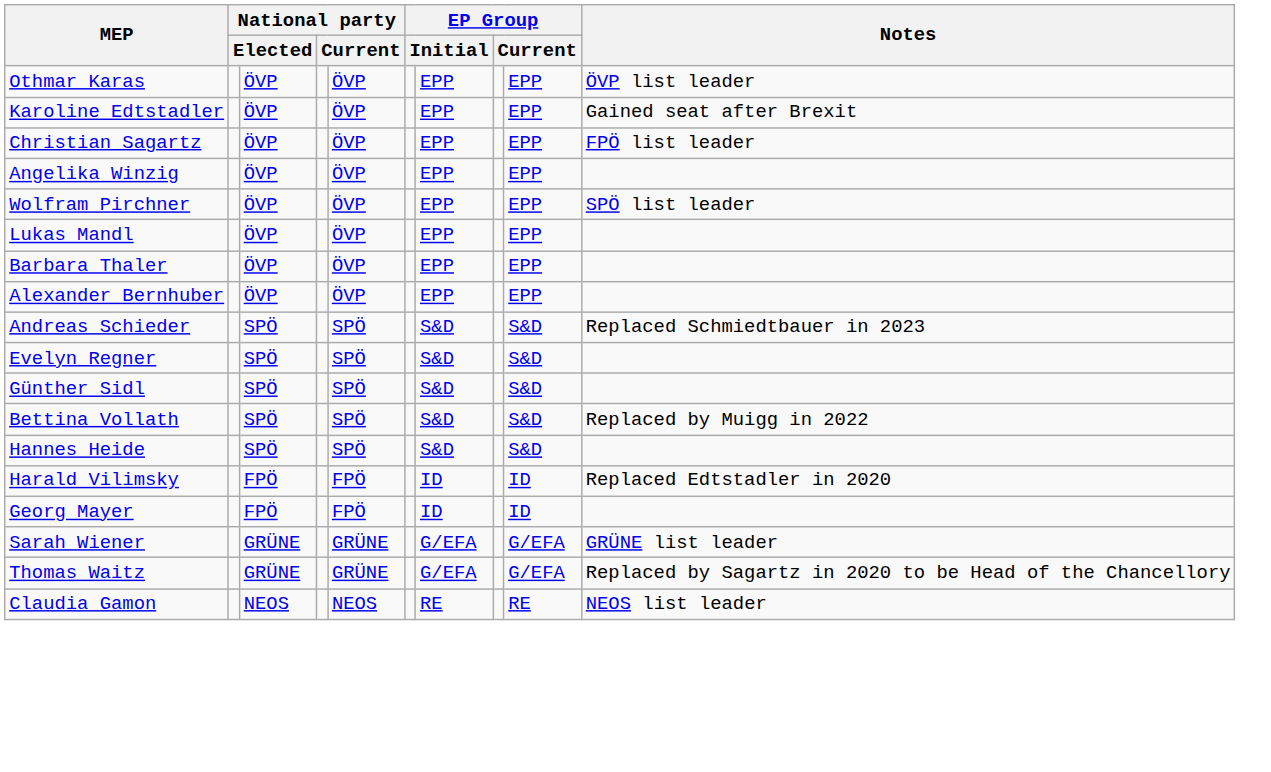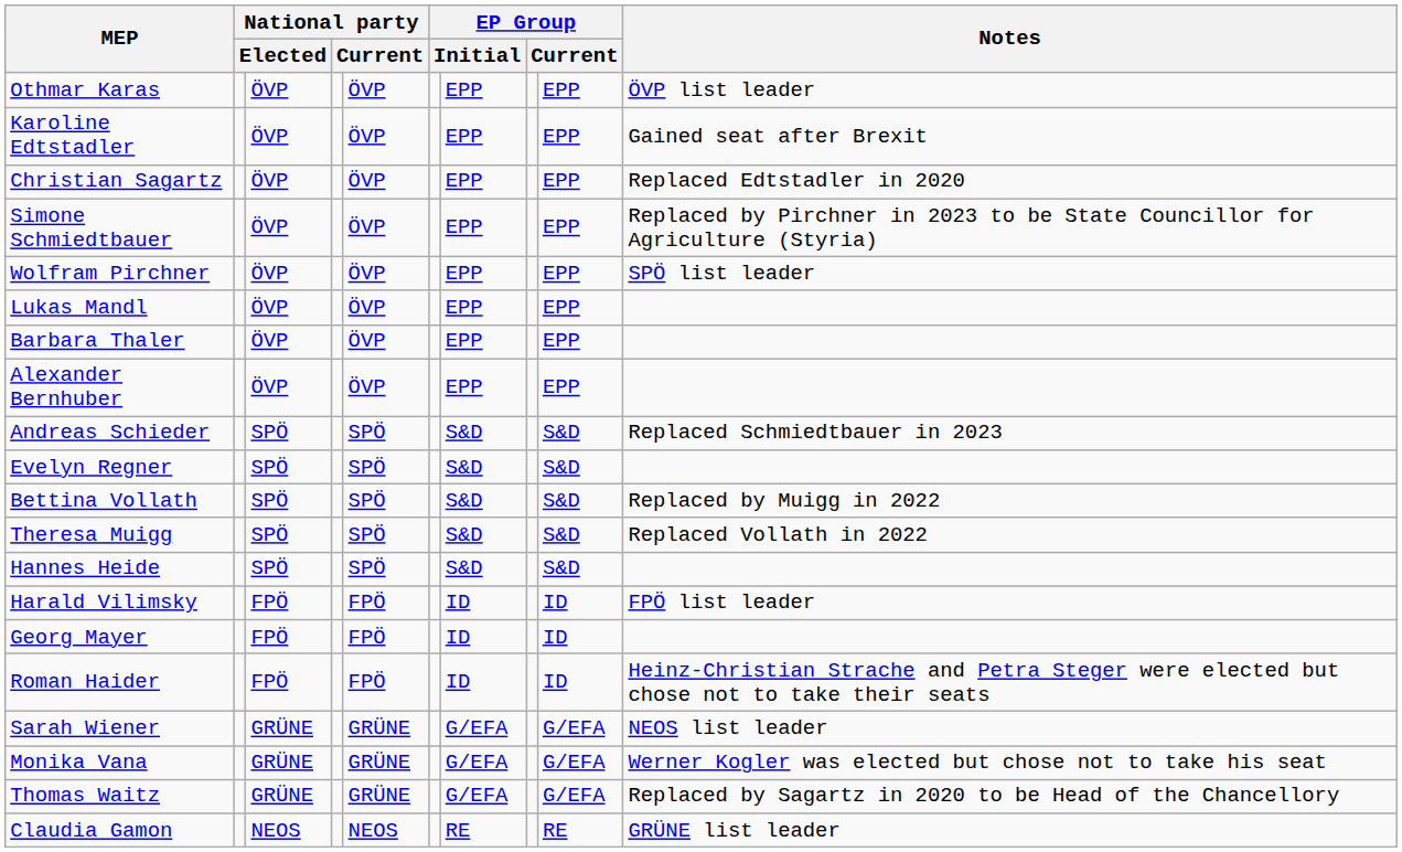 <table class="wikitable sortable" style="text-align:left">
 <tr>
 <th rowspan="2">MEP</th>
 <th colspan="4">National party</th>
 <th colspan="4"><a href='#'>EP Group</a></th>
 <th rowspan="2">Notes</th>
 </tr>
 <tr>
 <th colspan="2">Elected</th>
 <th colspan="2">Current</th>
 <th colspan="2">Initial</th>
 <th colspan="2">Current</th>
 </tr>
 <tr>
 <td><a href='#'>Othmar Karas</a></td>
 <td style="background: "></td>
 <td><a href='#'>ÖVP</a></td>
 <td style="background: "></td>
 <td><a href='#'>ÖVP</a></td>
 <td style="background: "></td>
 <td><a href='#'>EPP</a></td>
 <td style="background: "></td>
 <td><a href='#'>EPP</a></td>
 <td><a href='#'>ÖVP</a> list leader</td>
 </tr>
 <tr>
 <td><a href='#'>Karoline Edtstadler</a></td>
 <td style="background: "></td>
 <td><a href='#'>ÖVP</a></td>
 <td style="background: "></td>
 <td><a href='#'>ÖVP</a></td>
 <td style="background: "></td>
 <td><a href='#'>EPP</a></td>
 <td style="background: "></td>
 <td><a href='#'>EPP</a></td>
 <td>Gained seat after Brexit</td>
 </tr>
 <tr>
 <td><a href='#'>Christian Sagartz</a></td>
 <td style="background: "></td>
 <td><a href='#'>ÖVP</a></td>
 <td style="background: "></td>
 <td><a href='#'>ÖVP</a></td>
 <td style="background: "></td>
 <td><a href='#'>EPP</a></td>
 <td style="background: "></td>
 <td><a href='#'>EPP</a></td>
-<td><a href='#'>FPÖ</a> list leader</td>
+<td>Replaced Edtstadler in 2020</td>
 </tr>
 <tr>
-<td><a href='#'>Angelika Winzig</a></td>
+<td><a href='#'>Simone Schmiedtbauer</a></td>
 <td style="background: "></td>
 <td><a href='#'>ÖVP</a></td>
 <td style="background: "></td>
 <td><a href='#'>ÖVP</a></td>
 <td style="background: "></td>
 <td><a href='#'>EPP</a></td>
 <td style="background: "></td>
 <td><a href='#'>EPP</a></td>
-<td></td>
+<td>Replaced by Pirchner in 2023 to be State Councillor for Agriculture (Styria)</td>
 </tr>
 <tr>
 <td><a href='#'>Wolfram Pirchner</a></td>
 <td style="background: "></td>
 <td><a href='#'>ÖVP</a></td>
 <td style="background: "></td>
 <td><a href='#'>ÖVP</a></td>
 <td style="background: "></td>
 <td><a href='#'>EPP</a></td>
 <td style="background: "></td>
 <td><a href='#'>EPP</a></td>
 <td><a href='#'>SPÖ</a> list leader</td>
 </tr>
 <tr>
 <td><a href='#'>Lukas Mandl</a></td>
 <td style="background: "></td>
 <td><a href='#'>ÖVP</a></td>
 <td style="background: "></td>
 <td><a href='#'>ÖVP</a></td>
 <td style="background: "></td>
 <td><a href='#'>EPP</a></td>
 <td style="background: "></td>
 <td><a href='#'>EPP</a></td>
 <td></td>
 </tr>
 <tr>
 <td><a href='#'>Barbara Thaler</a></td>
 <td style="background: "></td>
 <td><a href='#'>ÖVP</a></td>
 <td style="background: "></td>
 <td><a href='#'>ÖVP</a></td>
 <td style="background: "></td>
 <td><a href='#'>EPP</a></td>
 <td style="background: "></td>
 <td><a href='#'>EPP</a></td>
 <td></td>
 </tr>
 <tr>
 <td><a href='#'>Alexander Bernhuber</a></td>
 <td style="background: "></td>
 <td><a href='#'>ÖVP</a></td>
 <td style="background: "></td>
 <td><a href='#'>ÖVP</a></td>
 <td style="background: "></td>
 <td><a href='#'>EPP</a></td>
 <td style="background: "></td>
 <td><a href='#'>EPP</a></td>
 <td></td>
 </tr>
 <tr>
 <td><a href='#'>Andreas Schieder</a></td>
 <td style="background: "></td>
 <td><a href='#'>SPÖ</a></td>
 <td style="background: "></td>
 <td><a href='#'>SPÖ</a></td>
 <td style="background: "></td>
 <td><a href='#'>S&D</a></td>
 <td style="background: "></td>
 <td><a href='#'>S&D</a></td>
 <td>Replaced Schmiedtbauer in 2023</td>
 </tr>
 <tr>
 <td><a href='#'>Evelyn Regner</a></td>
 <td style="background: "></td>
 <td><a href='#'>SPÖ</a></td>
 <td style="background: "></td>
 <td><a href='#'>SPÖ</a></td>
 <td style="background: "></td>
 <td><a href='#'>S&D</a></td>
 <td style="background: "></td>
 <td><a href='#'>S&D</a></td>
 <td></td>
 </tr>
 <tr>
-<td><a href='#'>Günther Sidl</a></td>
-<td style="background: "></td>
-<td><a href='#'>SPÖ</a></td>
-<td style="background: "></td>
-<td><a href='#'>SPÖ</a></td>
-<td style="background: "></td>
-<td><a href='#'>S&D</a></td>
-<td style="background: "></td>
-<td><a href='#'>S&D</a></td>
-<td></td>
-</tr>
-<tr>
 <td><a href='#'>Bettina Vollath</a></td>
 <td style="background: "></td>
 <td><a href='#'>SPÖ</a></td>
 <td style="background: "></td>
 <td><a href='#'>SPÖ</a></td>
 <td style="background: "></td>
 <td><a href='#'>S&D</a></td>
 <td style="background: "></td>
 <td><a href='#'>S&D</a></td>
 <td>Replaced by Muigg in 2022</td>
+</tr>
+<tr>
+<td><a href='#'>Theresa Muigg</a></td>
+<td style="background: "></td>
+<td><a href='#'>SPÖ</a></td>
+<td style="background: "></td>
+<td><a href='#'>SPÖ</a></td>
+<td style="background: "></td>
+<td><a href='#'>S&D</a></td>
+<td style="background: "></td>
+<td><a href='#'>S&D</a></td>
+<td>Replaced Vollath in 2022</td>
 </tr>
 <tr>
 <td><a href='#'>Hannes Heide</a></td>
 <td style="background: "></td>
 <td><a href='#'>SPÖ</a></td>
 <td style="background: "></td>
 <td><a href='#'>SPÖ</a></td>
 <td style="background: "></td>
 <td><a href='#'>S&D</a></td>
 <td style="background: "></td>
 <td><a href='#'>S&D</a></td>
 <td></td>
 </tr>
 <tr>
 <td><a href='#'>Harald Vilimsky</a></td>
 <td style="background: "></td>
 <td><a href='#'>FPÖ</a></td>
 <td style="background: "></td>
 <td><a href='#'>FPÖ</a></td>
 <td style="background: "></td>
 <td><a href='#'>ID</a></td>
 <td style="background: "></td>
 <td><a href='#'>ID</a></td>
-<td>Replaced Edtstadler in 2020</td>
+<td><a href='#'>FPÖ</a> list leader</td>
 </tr>
 <tr>
 <td><a href='#'>Georg Mayer</a></td>
 <td style="background: "></td>
 <td><a href='#'>FPÖ</a></td>
 <td style="background: "></td>
 <td><a href='#'>FPÖ</a></td>
 <td style="background: "></td>
 <td><a href='#'>ID</a></td>
 <td style="background: "></td>
 <td><a href='#'>ID</a></td>
 <td></td>
 </tr>
 <tr>
+<td><a href='#'>Roman Haider</a></td>
+<td style="background: "></td>
+<td><a href='#'>FPÖ</a></td>
+<td style="background: "></td>
+<td><a href='#'>FPÖ</a></td>
+<td style="background: "></td>
+<td><a href='#'>ID</a></td>
+<td style="background: "></td>
+<td><a href='#'>ID</a></td>
+<td><a href='#'>Heinz-Christian Strache</a> and <a href='#'>Petra Steger</a> were elected but chose not to take their seats</td>
+</tr>
+<tr>
 <td><a href='#'>Sarah Wiener</a></td>
 <td style="background: "></td>
 <td><a href='#'>GRÜNE</a></td>
 <td style="background: "></td>
 <td><a href='#'>GRÜNE</a></td>
 <td style="background: "></td>
 <td><a href='#'>G/EFA</a></td>
 <td style="background: "></td>
 <td><a href='#'>G/EFA</a></td>
-<td><a href='#'>GRÜNE</a> list leader</td>
+<td><a href='#'>NEOS</a> list leader</td>
+</tr>
+<tr>
+<td><a href='#'>Monika Vana</a></td>
+<td style="background: "></td>
+<td><a href='#'>GRÜNE</a></td>
+<td style="background: "></td>
+<td><a href='#'>GRÜNE</a></td>
+<td style="background: "></td>
+<td><a href='#'>G/EFA</a></td>
+<td style="background: "></td>
+<td><a href='#'>G/EFA</a></td>
+<td><a href='#'>Werner Kogler</a> was elected but chose not to take his seat</td>
 </tr>
 <tr>
 <td><a href='#'>Thomas Waitz</a></td>
 <td style="background: "></td>
 <td><a href='#'>GRÜNE</a></td>
 <td style="background: "></td>
 <td><a href='#'>GRÜNE</a></td>
 <td style="background: "></td>
 <td><a href='#'>G/EFA</a></td>
 <td style="background: "></td>
 <td><a href='#'>G/EFA</a></td>
 <td>Replaced by Sagartz in 2020 to be Head of the Chancellory</td>
 </tr>
 <tr>
 <td><a href='#'>Claudia Gamon</a></td>
 <td style="background: "></td>
 <td><a href='#'>NEOS</a></td>
 <td style="background: "></td>
 <td><a href='#'>NEOS</a></td>
 <td style="background: "></td>
 <td><a href='#'>RE</a></td>
 <td style="background: "></td>
 <td><a href='#'>RE</a></td>
-<td><a href='#'>NEOS</a> list leader</td>
+<td><a href='#'>GRÜNE</a> list leader</td>
 </tr>
 </table>
